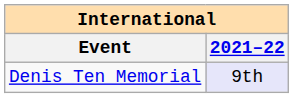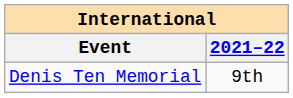 <table class="wikitable" style="text-align:center">
 <tr>
 <th colspan="2" style="background-color: #ffdead; " align="center">International</th>
 </tr>
 <tr>
 <th>Event</th>
 <th><a href='#'>2021–22</a></th>
 </tr>
 <tr>
 <td align=left> <a href='#'>Denis Ten Memorial</a></td>
-<td style="background: lavender;">9th</td>
+<td>9th</td>
 </tr>
 </table>
